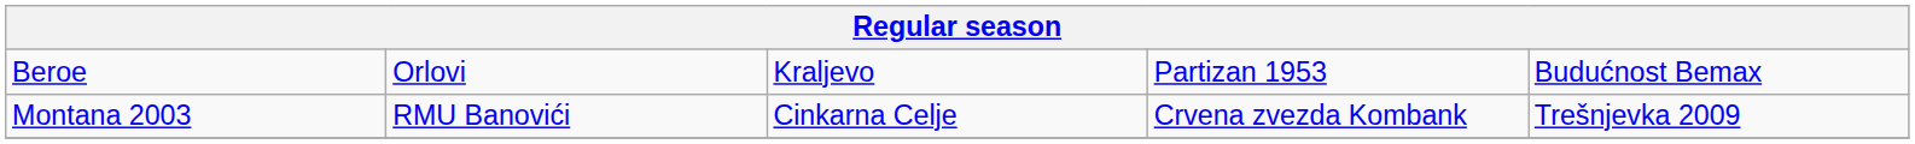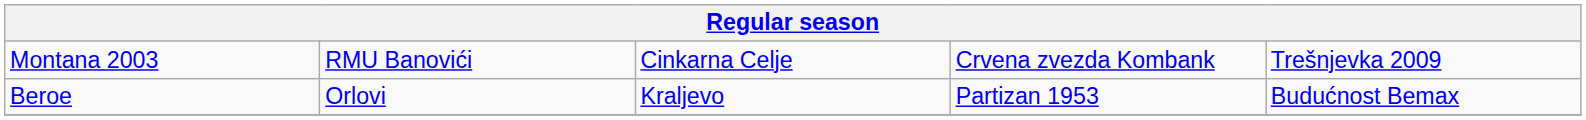 <table class="wikitable" style="white-space: nowrap;">
 <tr>
 <th colspan=5><a href='#'>Regular season</a></th>
+</tr>
+<tr>
+<td width=210> <a href='#'>Montana 2003</a></td>
+<td width=210> <a href='#'>RMU Banovići</a></td>
+<td width=210> <a href='#'>Cinkarna Celje</a></td>
+<td width=210> <a href='#'>Crvena zvezda Kombank</a></td>
+<td width=210> <a href='#'>Trešnjevka 2009</a></td>
 </tr>
 <tr>
 <td width=210> <a href='#'>Beroe</a></td>
 <td width=210> <a href='#'>Orlovi</a></td>
 <td width=210> <a href='#'>Kraljevo</a></td>
 <td width=210> <a href='#'>Partizan 1953</a></td>
 <td width=210> <a href='#'>Budućnost Bemax</a></td>
 </tr>
 <tr>
-<td width=210> <a href='#'>Montana 2003</a></td>
-<td width=210> <a href='#'>RMU Banovići</a></td>
-<td width=210> <a href='#'>Cinkarna Celje</a></td>
-<td width=210> <a href='#'>Crvena zvezda Kombank</a></td>
-<td width=210> <a href='#'>Trešnjevka 2009</a></td>
-</tr>
-<tr>
 </tr>
 </table>
